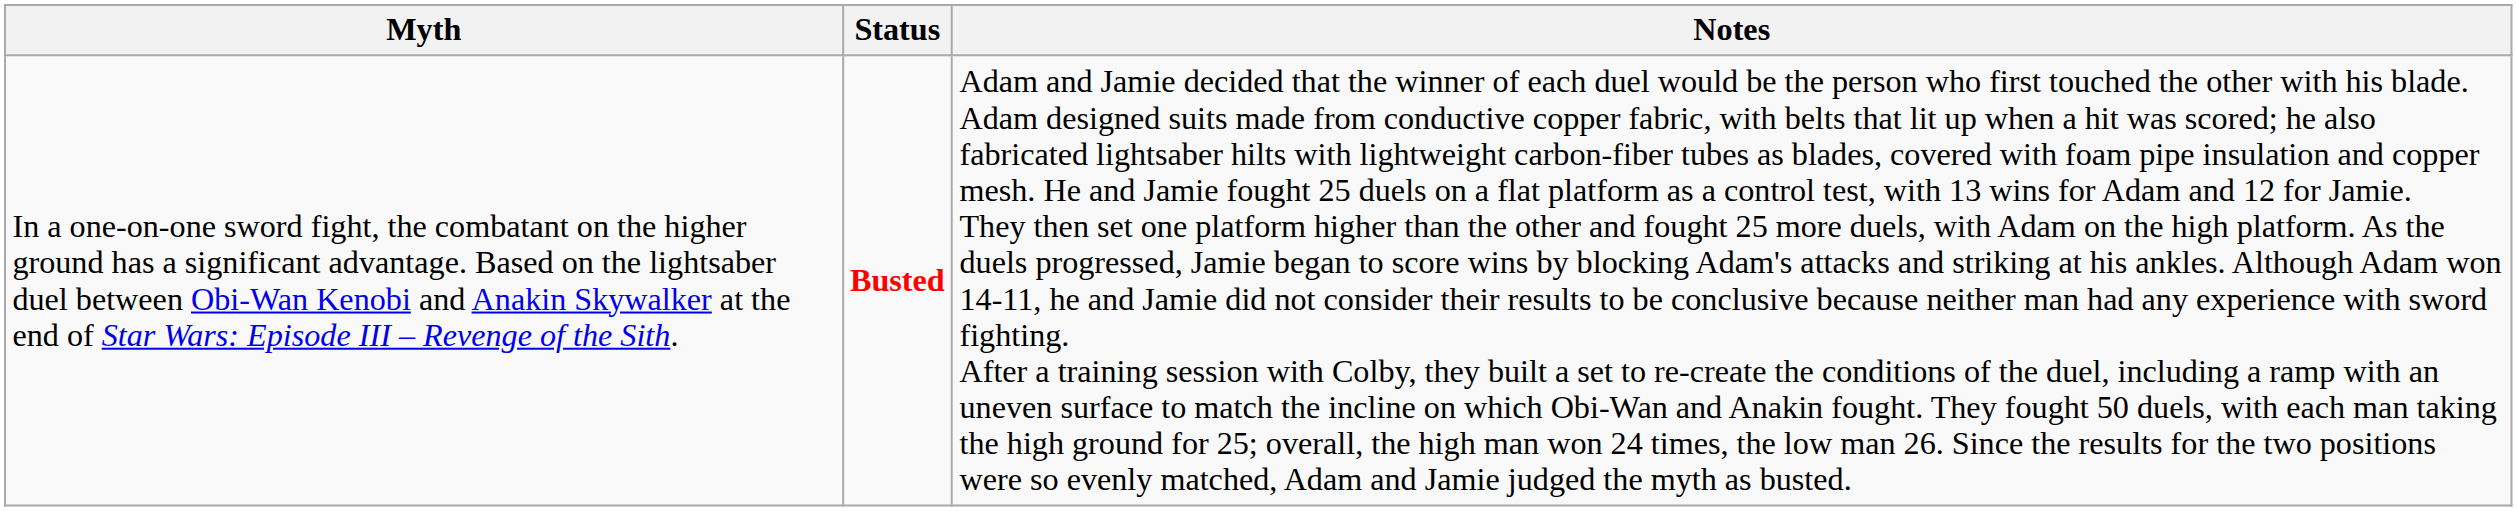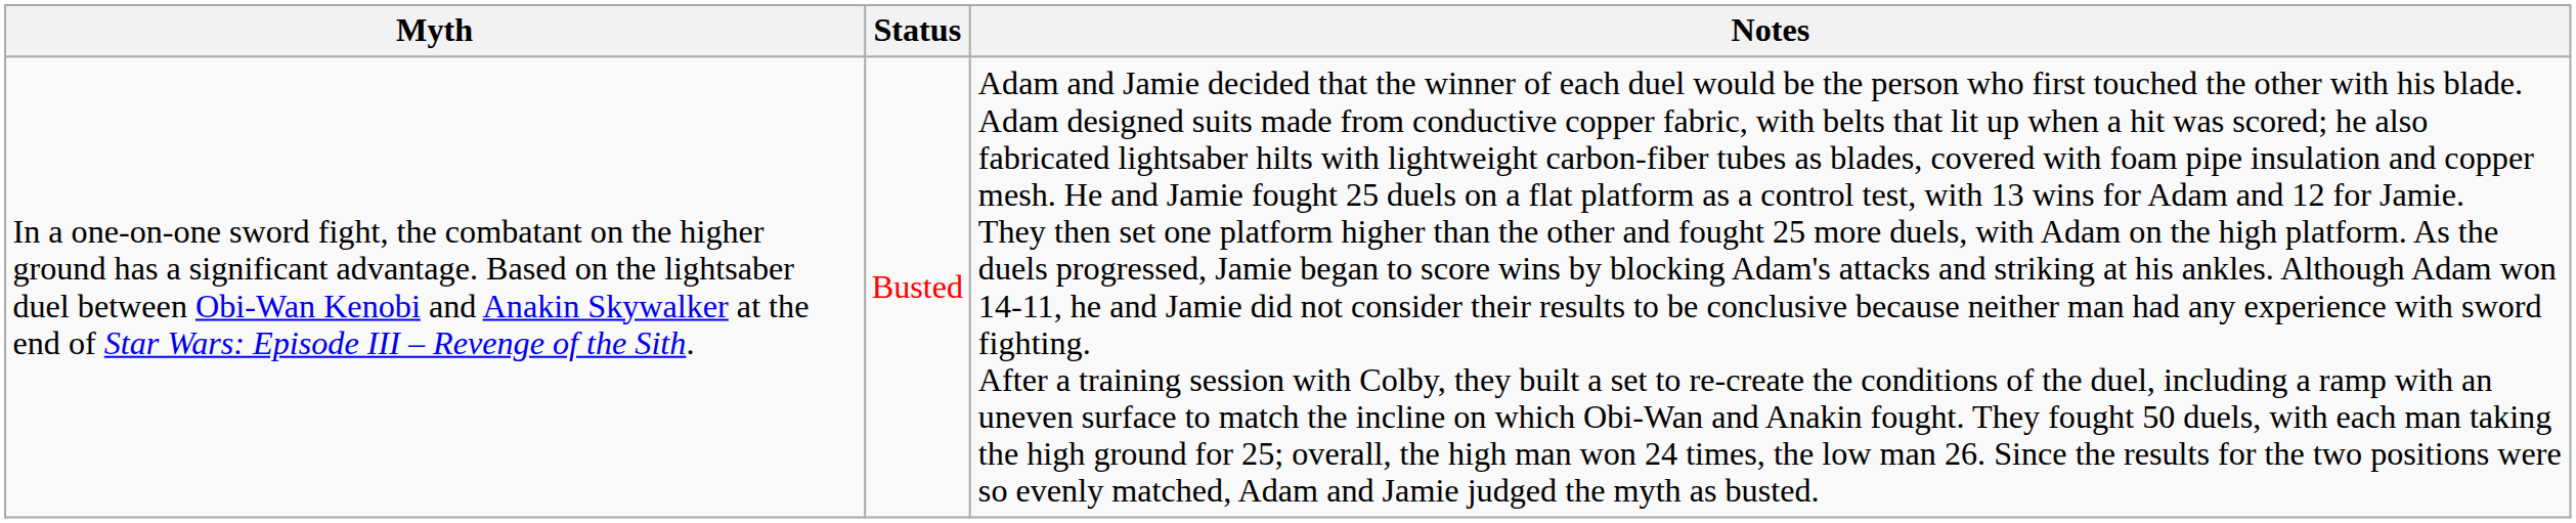 <table class="wikitable plainrowheaders">
 <tr>
 <th scope"col">Myth</th>
 <th scope"col">Status</th>
 <th scope"col">Notes</th>
 </tr>
 <tr>
 <td scope"row">In a one-on-one sword fight, the combatant on the higher ground has a significant advantage. Based on the lightsaber duel between <a href='#'>Obi-Wan Kenobi</a> and <a href='#'>Anakin Skywalker</a> at the end of <em><a href='#'>Star Wars: Episode III – Revenge of the Sith</a></em>.</td>
-<td style="color:red"><strong>Busted</strong></td>
+<td style="color:red">Busted</td>
 <td>Adam and Jamie decided that the winner of each duel would be the person who first touched the other with his blade. Adam designed suits made from conductive copper fabric, with belts that lit up when a hit was scored; he also fabricated lightsaber hilts with lightweight carbon-fiber tubes as blades, covered with foam pipe insulation and copper mesh. He and Jamie fought 25 duels on a flat platform as a control test, with 13 wins for Adam and 12 for Jamie.<br>They then set one platform higher than the other and fought 25 more duels, with Adam on the high platform. As the duels progressed, Jamie began to score wins by blocking Adam's attacks and striking at his ankles. Although Adam won 14-11, he and Jamie did not consider their results to be conclusive because neither man had any experience with sword fighting.<br>After a training session with Colby, they built a set to re-create the conditions of the duel, including a ramp with an uneven surface to match the incline on which Obi-Wan and Anakin fought. They fought 50 duels, with each man taking the high ground for 25; overall, the high man won 24 times, the low man 26. Since the results for the two positions were so evenly matched, Adam and Jamie judged the myth as busted.</td>
 </tr>
 </table>
